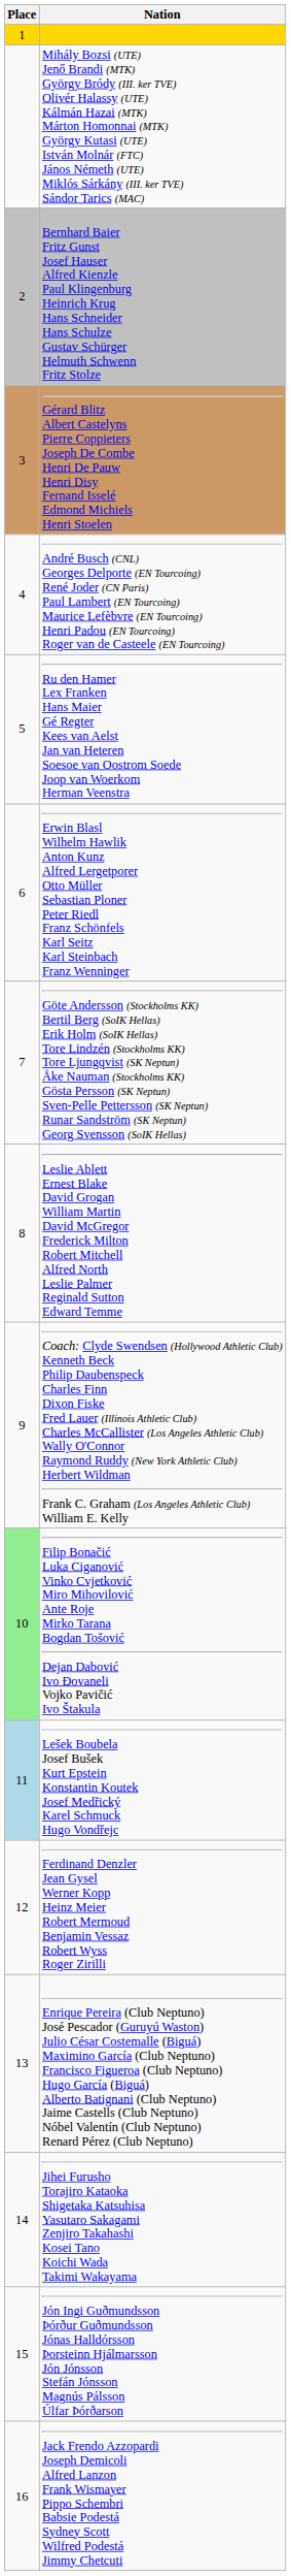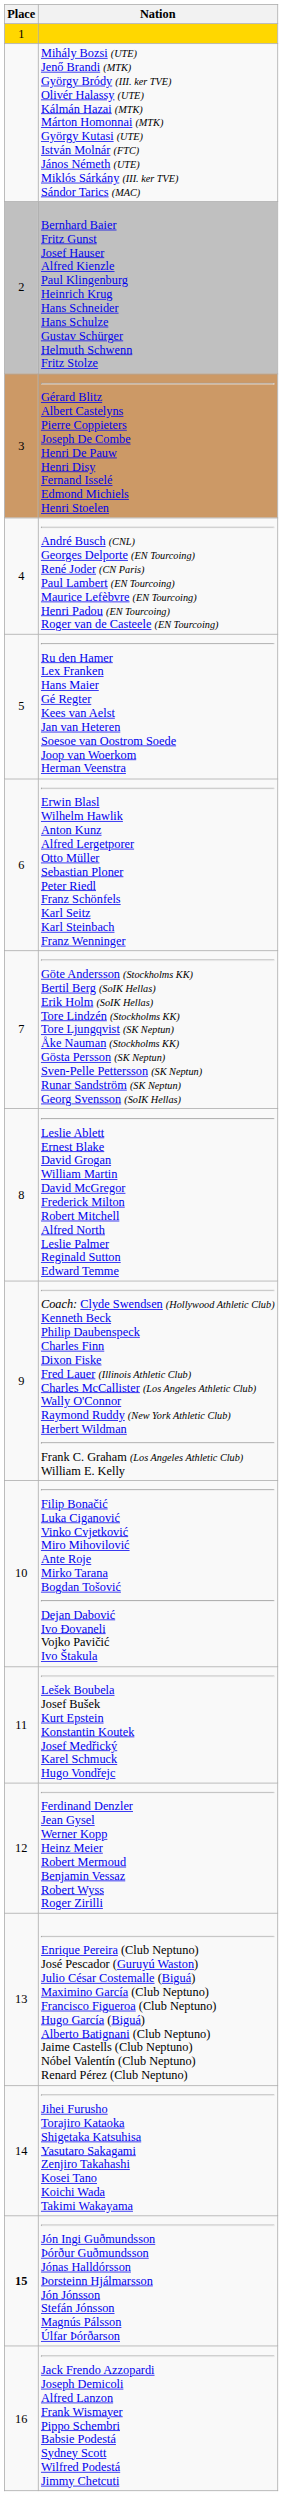 <table class="wikitable">
 <tr>
 <th>Place</th>
 <th>Nation</th>
 </tr>
 <tr align=center bgcolor=gold>
 <td>1</td>
 <td align=left></td>
 </tr>
 <tr>
 <td></td>
 <td align=left><a href='#'>Mihály Bozsi</a> <small><em>(UTE)</em></small><br><a href='#'>Jenő Brandi</a> <small><em>(MTK)</em></small><br><a href='#'>György Bródy</a> <small><em>(III. ker TVE)</em></small><br><a href='#'>Olivér Halassy</a> <small><em>(UTE)</em></small><br><a href='#'>Kálmán Hazai</a> <small><em>(MTK)</em></small><br><a href='#'>Márton Homonnai</a> <small><em>(MTK)</em></small><br><a href='#'>György Kutasi</a> <small><em>(UTE)</em></small><br><a href='#'>István Molnár</a> <small><em>(FTC)</em></small><br><a href='#'>János Németh</a> <small><em>(UTE)</em></small><br><a href='#'>Miklós Sárkány</a> <small><em>(III. ker TVE)</em></small><br><a href='#'>Sándor Tarics</a> <small><em>(MAC)</em></small></td>
 </tr>
 <tr align=center bgcolor=silver>
 <td>2</td>
 <td align=left><br><a href='#'>Bernhard Baier</a><br><a href='#'>Fritz Gunst</a><br><a href='#'>Josef Hauser</a><br><a href='#'>Alfred Kienzle</a><br><a href='#'>Paul Klingenburg</a><br><a href='#'>Heinrich Krug</a><br><a href='#'>Hans Schneider</a><br><a href='#'>Hans Schulze</a><br><a href='#'>Gustav Schürger</a><br><a href='#'>Helmuth Schwenn</a><br><a href='#'>Fritz Stolze</a></td>
 </tr>
 <tr align=center bgcolor=cc9966>
 <td>3</td>
 <td align=left> <hr> <a href='#'>Gérard Blitz</a><br><a href='#'>Albert Castelyns</a><br><a href='#'>Pierre Coppieters</a><br><a href='#'>Joseph De Combe</a><br><a href='#'>Henri De Pauw</a><br><a href='#'>Henri Disy</a><br><a href='#'>Fernand Isselé</a><br><a href='#'>Edmond Michiels</a><br><a href='#'>Henri Stoelen</a></td>
 </tr>
 <tr align=center>
 <td>4</td>
 <td align=left><hr><a href='#'>André Busch</a> <small><em>(CNL)</em></small><br><a href='#'>Georges Delporte</a> <small><em>(EN Tourcoing)</em></small><br><a href='#'>René Joder</a> <small><em>(CN Paris)</em></small><br><a href='#'>Paul Lambert</a> <small><em>(EN Tourcoing)</em></small><br><a href='#'>Maurice Lefèbvre</a> <small><em>(EN Tourcoing)</em></small><br><a href='#'>Henri Padou</a> <small><em>(EN Tourcoing)</em></small><br><a href='#'>Roger van de Casteele</a> <small><em>(EN Tourcoing)</em></small></td>
 </tr>
 <tr align=center>
 <td>5</td>
 <td align=left><hr><a href='#'>Ru den Hamer</a><br><a href='#'>Lex Franken</a><br><a href='#'>Hans Maier</a><br><a href='#'>Gé Regter</a><br><a href='#'>Kees van Aelst</a><br><a href='#'>Jan van Heteren</a><br><a href='#'>Soesoe van Oostrom Soede</a><br><a href='#'>Joop van Woerkom</a><br><a href='#'>Herman Veenstra</a></td>
 </tr>
 <tr align=center>
 <td>6</td>
 <td align=left><hr><a href='#'>Erwin Blasl</a><br><a href='#'>Wilhelm Hawlik</a><br><a href='#'>Anton Kunz</a><br><a href='#'>Alfred Lergetporer</a><br><a href='#'>Otto Müller</a><br><a href='#'>Sebastian Ploner</a><br><a href='#'>Peter Riedl</a><br><a href='#'>Franz Schönfels</a><br><a href='#'>Karl Seitz</a><br><a href='#'>Karl Steinbach</a><br><a href='#'>Franz Wenninger</a></td>
 </tr>
 <tr align=center>
 <td>7</td>
 <td align=left><hr><a href='#'>Göte Andersson</a> <small><em>(Stockholms KK)</em></small><br><a href='#'>Bertil Berg</a> <small><em>(SoIK Hellas)</em></small><br><a href='#'>Erik Holm</a> <small><em>(SoIK Hellas)</em></small><br><a href='#'>Tore Lindzén</a> <small><em>(Stockholms KK)</em></small><br><a href='#'>Tore Ljungqvist</a> <small><em>(SK Neptun)</em></small><br><a href='#'>Åke Nauman</a> <small><em>(Stockholms KK)</em></small><br><a href='#'>Gösta Persson</a> <small><em>(SK Neptun)</em></small><br><a href='#'>Sven-Pelle Pettersson</a> <small><em>(SK Neptun)</em></small><br><a href='#'>Runar Sandström</a> <small><em>(SK Neptun)</em></small><br><a href='#'>Georg Svensson</a> <small><em>(SoIK Hellas)</em></small></td>
 </tr>
 <tr align=center>
 <td>8</td>
 <td align=left><hr><a href='#'>Leslie Ablett</a><br><a href='#'>Ernest Blake</a><br><a href='#'>David Grogan</a><br><a href='#'>William Martin</a><br><a href='#'>David McGregor</a><br><a href='#'>Frederick Milton</a><br><a href='#'>Robert Mitchell</a><br><a href='#'>Alfred North</a><br><a href='#'>Leslie Palmer</a><br><a href='#'>Reginald Sutton</a><br><a href='#'>Edward Temme</a></td>
 </tr>
 <tr align=center>
 <td>9</td>
 <td align=left><hr><em>Coach:</em> <a href='#'>Clyde Swendsen</a> <small><em>(Hollywood Athletic Club)</em></small><br><a href='#'>Kenneth Beck</a><br><a href='#'>Philip Daubenspeck</a><br><a href='#'>Charles Finn</a><br><a href='#'>Dixon Fiske</a><br><a href='#'>Fred Lauer</a> <small><em>(Illinois Athletic Club)</em></small><br><a href='#'>Charles McCallister</a> <small><em>(Los Angeles Athletic Club)</em></small><br><a href='#'>Wally O'Connor</a><br><a href='#'>Raymond Ruddy</a> <small><em>(New York Athletic Club)</em></small><br><a href='#'>Herbert Wildman </a><hr>Frank C. Graham <small><em>(Los Angeles Athletic Club)</em></small><br>William E. Kelly</td>
 </tr>
 <tr align=center>
-<td style="background: lightgreen;">10</td>
+<td>10</td>
 <td align=left><hr><a href='#'>Filip Bonačić</a><br><a href='#'>Luka Ciganović</a><br><a href='#'>Vinko Cvjetković</a><br><a href='#'>Miro Mihovilović</a><br><a href='#'>Ante Roje</a><br><a href='#'>Mirko Tarana</a><br><a href='#'>Bogdan Tošović</a><hr><a href='#'>Dejan Dabović</a><br><a href='#'>Ivo Đovaneli</a><br>Vojko Pavičić<br><a href='#'>Ivo Štakula</a></td>
 </tr>
 <tr align=center>
-<td style="background: lightblue;">11</td>
+<td>11</td>
 <td align=left><hr><a href='#'>Lešek Boubela</a><br>Josef Bušek<br><a href='#'>Kurt Epstein</a><br><a href='#'>Konstantin Koutek</a><br><a href='#'>Josef Medřický</a><br><a href='#'>Karel Schmuck</a><br><a href='#'>Hugo Vondřejc</a></td>
 </tr>
 <tr align=center>
 <td>12</td>
 <td align=left><hr><a href='#'>Ferdinand Denzler</a><br><a href='#'>Jean Gysel</a><br><a href='#'>Werner Kopp</a><br><a href='#'>Heinz Meier</a><br><a href='#'>Robert Mermoud</a><br><a href='#'>Benjamin Vessaz</a><br><a href='#'>Robert Wyss</a><br><a href='#'>Roger Zirilli</a></td>
 </tr>
 <tr align=center>
 <td>13</td>
 <td align=left> <br><hr><a href='#'>Enrique Pereira</a> (Club Neptuno)<br>José Pescador (<a href='#'>Guruyú Waston</a>)<br><a href='#'>Julio César Costemalle</a> (<a href='#'>Biguá</a>)<br><a href='#'>Maximino García</a> (Club Neptuno)<br><a href='#'>Francisco Figueroa</a> (Club Neptuno)<br><a href='#'>Hugo García</a> (<a href='#'>Biguá</a>)<br><a href='#'>Alberto Batignani</a> (Club Neptuno)<br>Jaime Castells (Club Neptuno)<br>Nóbel Valentín (Club Neptuno)<br>Renard Pérez (Club Neptuno)</td>
 </tr>
 <tr align=center>
 <td>14</td>
 <td align=left><hr><a href='#'>Jihei Furusho</a><br><a href='#'>Torajiro Kataoka</a><br><a href='#'>Shigetaka Katsuhisa</a><br><a href='#'>Yasutaro Sakagami</a><br><a href='#'>Zenjiro Takahashi</a><br><a href='#'>Kosei Tano</a><br><a href='#'>Koichi Wada</a><br><a href='#'>Takimi Wakayama</a></td>
 </tr>
 <tr align=center>
-<td>15</td>
+<td><strong>15</strong></td>
 <td align=left><hr><a href='#'>Jón Ingi Guðmundsson</a><br><a href='#'>Þórður Guðmundsson</a><br><a href='#'>Jónas Halldórsson</a><br><a href='#'>Þorsteinn Hjálmarsson</a><br><a href='#'>Jón Jónsson</a><br><a href='#'>Stefán Jónsson</a><br><a href='#'>Magnús Pálsson</a><br><a href='#'>Úlfar Þórðarson</a></td>
 </tr>
 <tr align=center>
 <td>16</td>
 <td align=left><hr><a href='#'>Jack Frendo Azzopardi</a><br><a href='#'>Joseph Demicoli</a><br><a href='#'>Alfred Lanzon</a><br><a href='#'>Frank Wismayer</a><br><a href='#'>Pippo Schembri</a><br><a href='#'>Babsie Podestá</a><br><a href='#'>Sydney Scott</a><br><a href='#'>Wilfred Podestá</a><br><a href='#'>Jimmy Chetcuti</a></td>
 </tr>
 </table>
